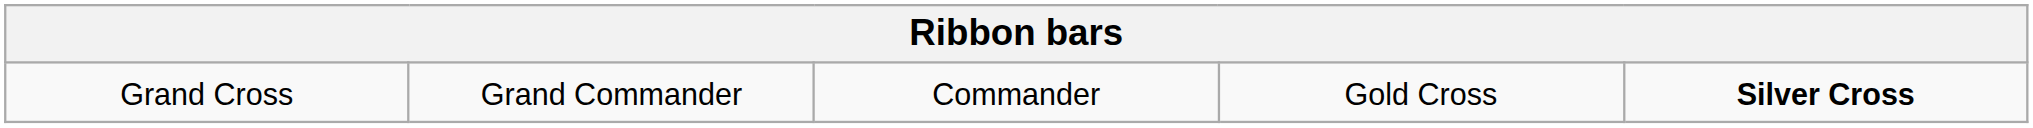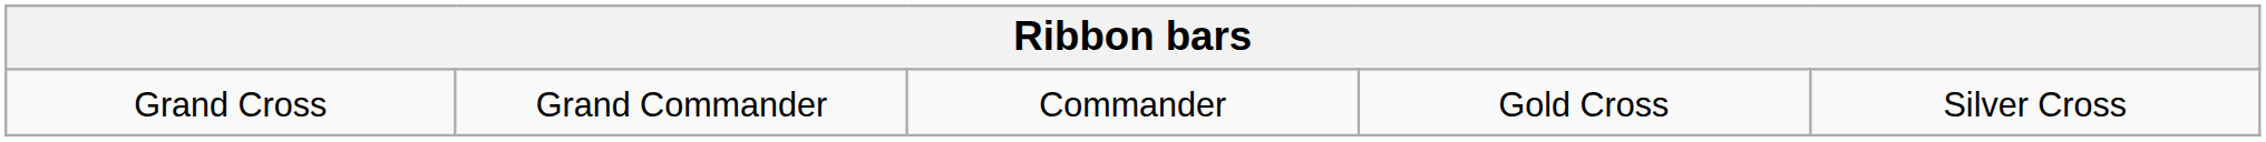 <table align=center class=wikitable width=70% style="margin:1em auto;">
 <tr>
 <th colspan=5>Ribbon bars</th>
 </tr>
 <tr>
 <td width=20% valign=top align=center><small>Grand Cross</small></td>
 <td width=20% valign=top align=center><small>Grand Commander</small></td>
 <td width=20% valign=top align=center><small>Commander</small></td>
 <td width=20% valign=top align=center><small>Gold Cross</small></td>
-<td width=20% valign=top align=center><strong><small>Silver Cross</small></strong></td>
+<td width=20% valign=top align=center><small>Silver Cross</small></td>
 </tr>
 </table>
